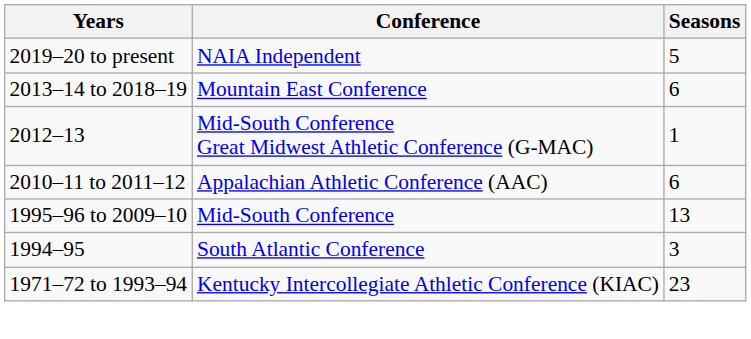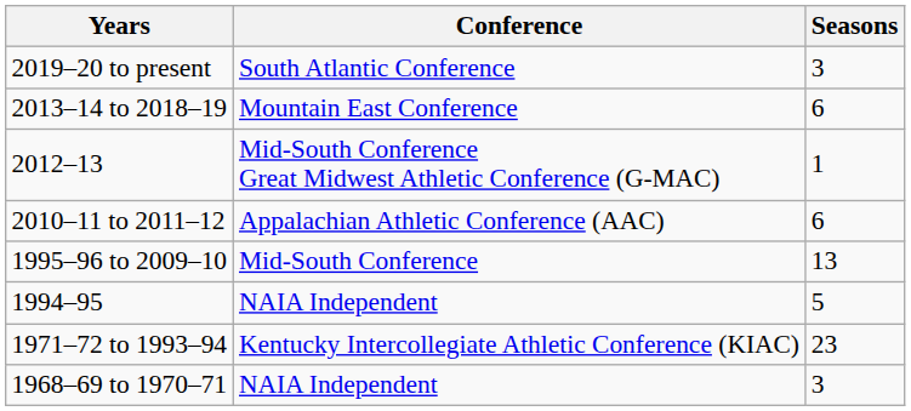 <table class="wikitable">
 <tr>
 <th>Years</th>
 <th>Conference</th>
 <th>Seasons</th>
 </tr>
 <tr>
 <td>2019–20 to present</td>
-<td><a href='#'>NAIA Independent</a></td>
-<td>5</td>
+<td><a href='#'>South Atlantic Conference</a></td>
+<td>3</td>
 </tr>
 <tr>
 <td>2013–14 to 2018–19</td>
 <td><a href='#'>Mountain East Conference</a></td>
 <td>6</td>
 </tr>
 <tr>
 <td>2012–13</td>
 <td><a href='#'>Mid-South Conference</a><br><a href='#'>Great Midwest Athletic Conference</a> (G-MAC)</td>
 <td>1</td>
 </tr>
 <tr>
 <td>2010–11 to 2011–12</td>
 <td><a href='#'>Appalachian Athletic Conference</a> (AAC)</td>
 <td>6</td>
 </tr>
 <tr>
 <td>1995–96 to 2009–10</td>
 <td><a href='#'>Mid-South Conference</a></td>
 <td>13</td>
 </tr>
 <tr>
 <td>1994–95</td>
-<td><a href='#'>South Atlantic Conference</a></td>
-<td>3</td>
+<td><a href='#'>NAIA Independent</a></td>
+<td>5</td>
 </tr>
 <tr>
 <td>1971–72 to 1993–94</td>
 <td><a href='#'>Kentucky Intercollegiate Athletic Conference</a> (KIAC)</td>
 <td>23</td>
 </tr>
+<tr>
+<td>1968–69 to 1970–71</td>
+<td><a href='#'>NAIA Independent</a></td>
+<td>3</td>
+</tr>
 </table>
